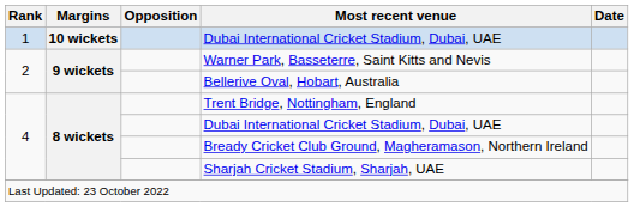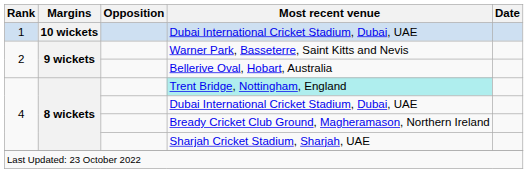 <table class="wikitable plainrowheaders sortable">
 <tr>
 <th scope=col>Rank</th>
 <th scope=col>Margins</th>
 <th scope=col>Opposition</th>
 <th scope=col>Most recent venue</th>
 <th scope=col>Date</th>
 </tr>
 <tr bgcolor=#cee0f2>
 <td align=center>1</td>
 <th scope=row style=text-align:center>10 wickets</th>
 <td></td>
 <td><a href='#'>Dubai International Cricket Stadium</a>, <a href='#'>Dubai</a>, UAE</td>
 <td></td>
 </tr>
 <tr>
 <td align=center rowspan=2>2</td>
 <th scope=row style=text-align:center rowspan=2>9 wickets</th>
 <td></td>
 <td><a href='#'>Warner Park</a>, <a href='#'>Basseterre</a>, Saint Kitts and Nevis</td>
 <td></td>
 </tr>
 <tr>
 <td></td>
 <td><a href='#'>Bellerive Oval</a>, <a href='#'>Hobart</a>, Australia</td>
 <td></td>
 </tr>
 <tr>
 <td align=center rowspan=4>4</td>
 <th scope=row style=text-align:center rowspan=4>8 wickets</th>
 <td></td>
-<td><a href='#'>Trent Bridge</a>, <a href='#'>Nottingham</a>, England</td>
+<td style="background: paleturquoise;"><a href='#'>Trent Bridge</a>, <a href='#'>Nottingham</a>, England</td>
 <td> </td>
 </tr>
 <tr>
 <td></td>
 <td><a href='#'>Dubai International Cricket Stadium</a>, <a href='#'>Dubai</a>, UAE</td>
 <td></td>
 </tr>
 <tr>
 <td></td>
 <td><a href='#'>Bready Cricket Club Ground</a>, <a href='#'>Magheramason</a>, Northern Ireland</td>
 <td></td>
 </tr>
 <tr>
 <td></td>
 <td><a href='#'>Sharjah Cricket Stadium</a>, <a href='#'>Sharjah</a>, UAE</td>
 <td></td>
 </tr>
 <tr>
 </tr>
 <tr class=sortbottom>
 <td colspan=5><small>Last Updated: 23 October 2022</small></td>
 </tr>
 </table>
